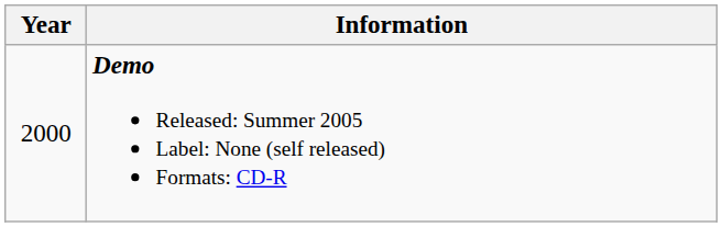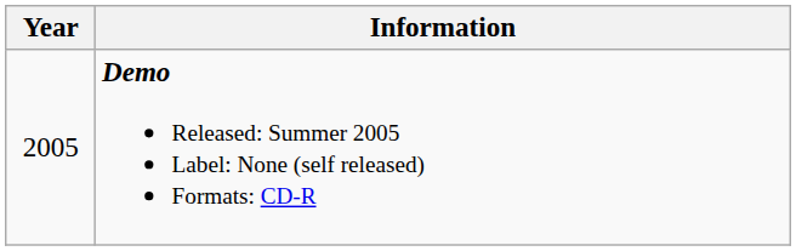 <table class="wikitable">
 <tr>
 <th rowspan="1" width="44">Year</th>
 <th rowspan="1" width="390">Information</th>
 </tr>
 <tr>
-<td align="center" width="44">2000</td>
+<td align="center" width="44">2005</td>
 <td width="390"><strong><em>Demo</em></strong><br><ul><li><small>Released: Summer 2005</small></li><li><small>Label: None (self released)</small></li><li><small>Formats: <a href='#'>CD-R</a></small></li></ul></td>
 </tr>
 </table>
